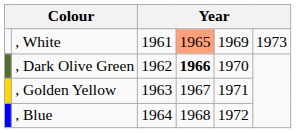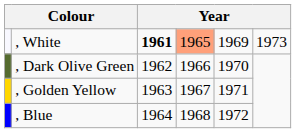 <table class="wikitable">
 <tr>
 <th colspan="2" style="text-align: center;">Colour</th>
 <th colspan="4" style="text-align: center;">Year</th>
 </tr>
 <tr>
 <td style="background-color: #F8F8FF;"></td>
 <td>, White</td>
-<td>1961</td>
+<td><strong>1961</strong></td>
 <td style="background: lightsalmon;">1965</td>
 <td>1969</td>
 <td>1973</td>
 </tr>
 <tr>
 <td style="background-color: #556B2F;"></td>
 <td>, Dark Olive Green</td>
 <td>1962</td>
-<td><strong>1966</strong></td>
+<td>1966</td>
 <td>1970</td>
 </tr>
 <tr>
 <td style="background-color: #FFD700;"></td>
 <td>, Golden Yellow</td>
 <td>1963</td>
 <td>1967</td>
 <td>1971</td>
 </tr>
 <tr>
 <td style="background-color: #0000FF;"></td>
 <td>, Blue</td>
 <td>1964</td>
 <td>1968</td>
 <td>1972</td>
 </tr>
 </table>
